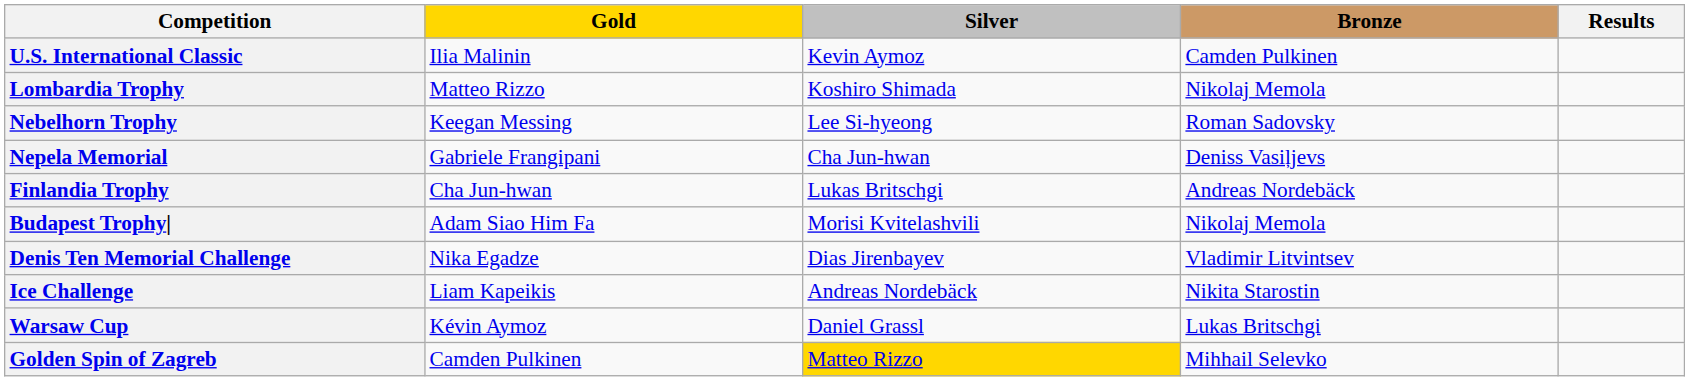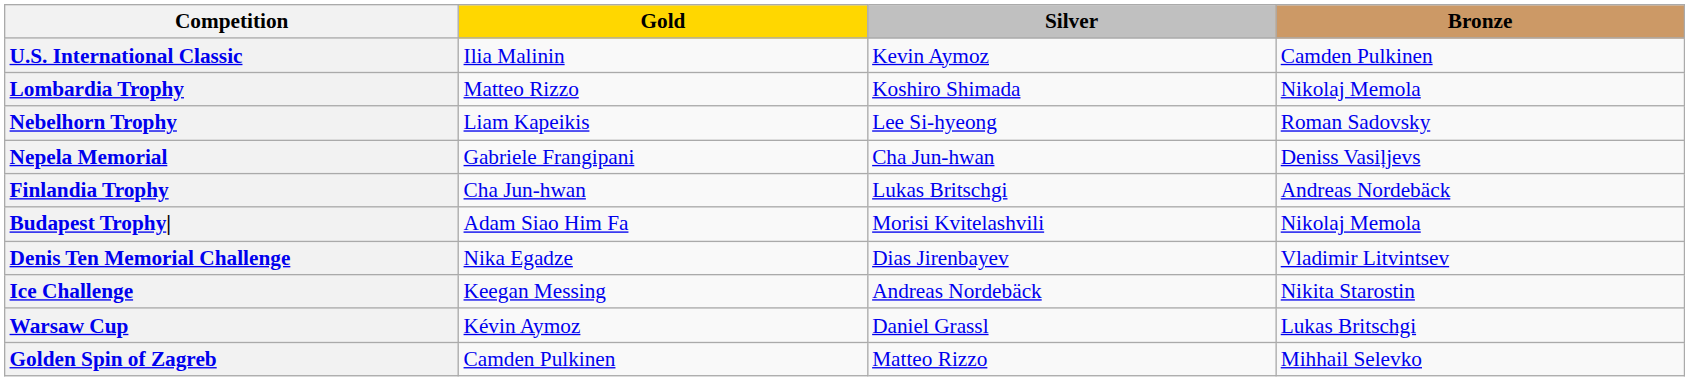 <table class="wikitable unsortable" style="text-align:left; width:100%;">
 <tr>
 <th scope="col" style="text-align:center; width:25%;">Competition</th>
 <td scope="col" style="text-align:center; width:22.5%; background:gold"><strong>Gold</strong></td>
 <td scope="col" style="text-align:center; width:22.5%; background:silver"><strong>Silver</strong></td>
 <td scope="col" style="text-align:center; width:22.5%; background:#c96"><strong>Bronze</strong></td>
-<th scope="col" style="text-align:center; width:7.5%;">Results</th>
 </tr>
 <tr>
 <th scope="row" style="text-align:left"> <a href='#'>U.S. International Classic</a></th>
 <td> <a href='#'>Ilia Malinin</a></td>
 <td> <a href='#'>Kevin Aymoz</a></td>
 <td> <a href='#'>Camden Pulkinen</a></td>
-<td></td>
 </tr>
 <tr>
 <th scope="row" style="text-align:left"> <a href='#'>Lombardia Trophy</a></th>
 <td> <a href='#'>Matteo Rizzo</a></td>
 <td> <a href='#'>Koshiro Shimada</a></td>
 <td> <a href='#'>Nikolaj Memola</a></td>
-<td></td>
 </tr>
 <tr>
 <th scope="row" style="text-align:left"> <a href='#'>Nebelhorn Trophy</a></th>
-<td> <a href='#'>Keegan Messing</a></td>
+<td> <a href='#'>Liam Kapeikis</a></td>
 <td> <a href='#'>Lee Si-hyeong</a></td>
 <td> <a href='#'>Roman Sadovsky</a></td>
-<td></td>
 </tr>
 <tr>
 <th scope="row" style="text-align:left"> <a href='#'>Nepela Memorial</a></th>
 <td> <a href='#'>Gabriele Frangipani</a></td>
 <td> <a href='#'>Cha Jun-hwan</a></td>
 <td> <a href='#'>Deniss Vasiļjevs</a></td>
-<td></td>
 </tr>
 <tr>
 <th scope="row" style="text-align:left"> <a href='#'>Finlandia Trophy</a></th>
 <td> <a href='#'>Cha Jun-hwan</a></td>
 <td> <a href='#'>Lukas Britschgi</a></td>
 <td> <a href='#'>Andreas Nordebäck</a></td>
-<td></td>
 </tr>
 <tr>
 <th scope="row" style="text-align:left"> <a href='#'>Budapest Trophy</a>|</th>
 <td> <a href='#'>Adam Siao Him Fa</a></td>
 <td> <a href='#'>Morisi Kvitelashvili</a></td>
 <td> <a href='#'>Nikolaj Memola</a></td>
-<td></td>
 </tr>
 <tr>
 <th scope="row" style="text-align:left"> <a href='#'>Denis Ten Memorial Challenge</a></th>
 <td> <a href='#'>Nika Egadze</a></td>
 <td> <a href='#'>Dias Jirenbayev</a></td>
 <td> <a href='#'>Vladimir Litvintsev</a></td>
-<td></td>
 </tr>
 <tr>
 <th scope="row" style="text-align:left"> <a href='#'>Ice Challenge</a></th>
-<td> <a href='#'>Liam Kapeikis</a></td>
+<td> <a href='#'>Keegan Messing</a></td>
 <td> <a href='#'>Andreas Nordebäck</a></td>
 <td> <a href='#'>Nikita Starostin</a></td>
-<td></td>
 </tr>
 <tr>
 <th scope="row" style="text-align:left"> <a href='#'>Warsaw Cup</a></th>
 <td> <a href='#'>Kévin Aymoz</a></td>
 <td> <a href='#'>Daniel Grassl</a></td>
 <td> <a href='#'>Lukas Britschgi</a></td>
-<td></td>
 </tr>
 <tr>
 <th scope="row" style="text-align:left"> <a href='#'>Golden Spin of Zagreb</a></th>
 <td> <a href='#'>Camden Pulkinen</a></td>
-<td style="background: gold;"> <a href='#'>Matteo Rizzo</a></td>
+<td> <a href='#'>Matteo Rizzo</a></td>
 <td> <a href='#'>Mihhail Selevko</a></td>
-<td></td>
 </tr>
 </table>
